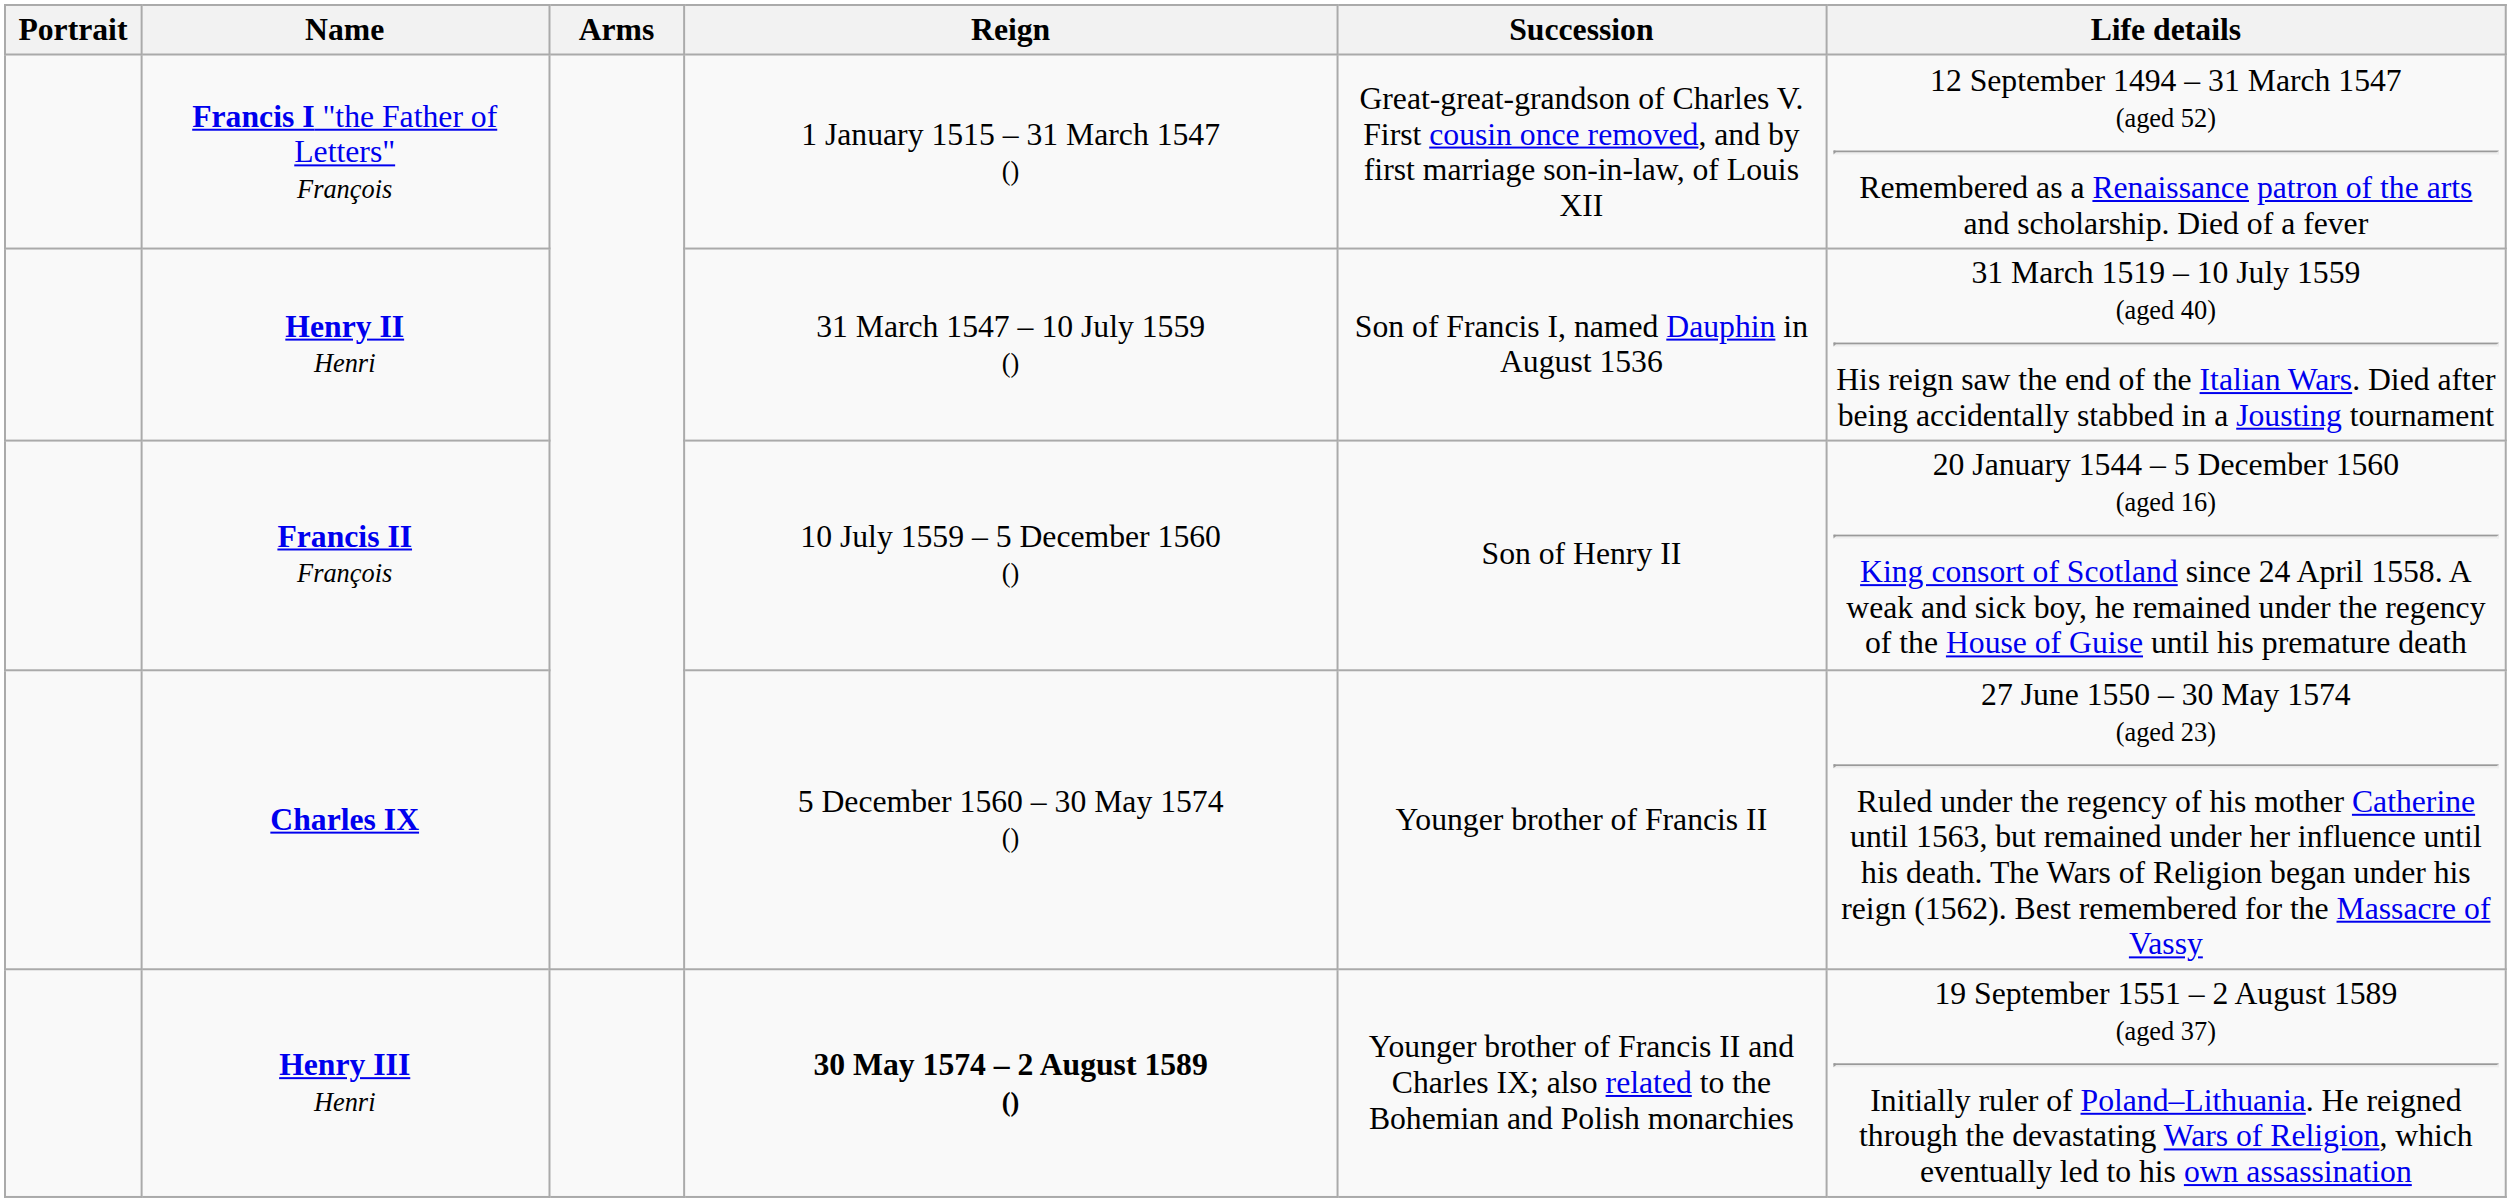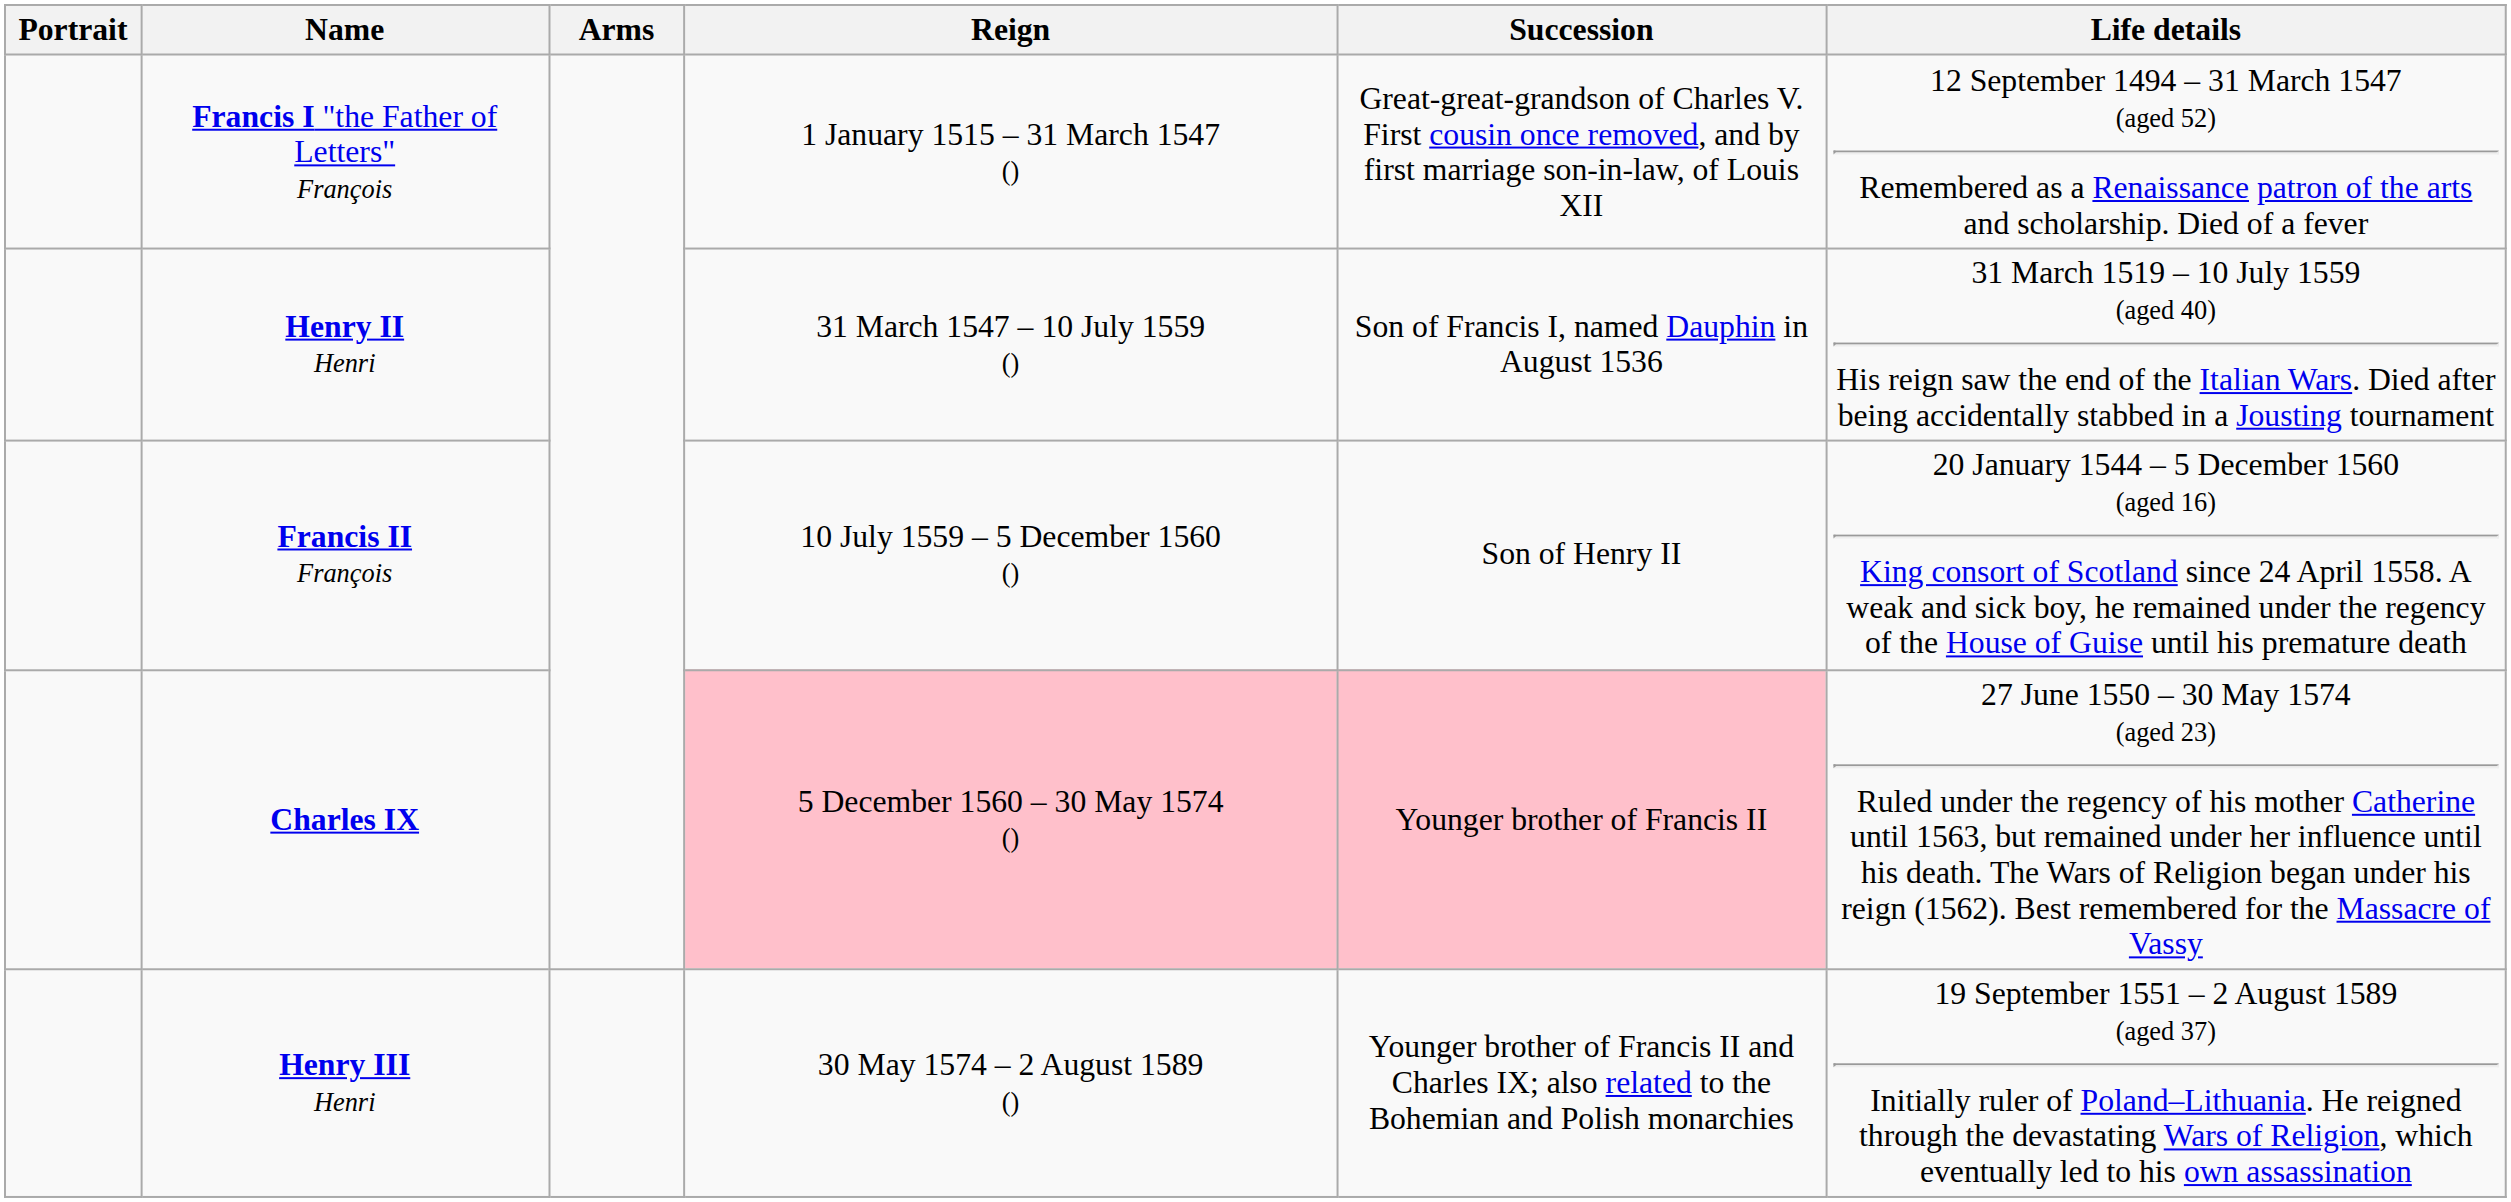 <table class="wikitable" style="text-align:center; width:100%;">
 <tr>
 <th width="5%">Portrait</th>
 <th width="15%">Name</th>
 <th width="5%">Arms</th>
 <th width="24%">Reign</th>
 <th width="18%">Succession</th>
 <th width="25%">Life details</th>
 </tr>
 <tr>
 <td></td>
 <td><a href='#'><strong>Francis I</strong> "the Father of Letters"</a> <br><small><em>François</em></small></td>
 <td rowspan="4"></td>
 <td>1 January 1515 – 31 March 1547<br><small>()</small></td>
 <td>Great-great-grandson of Charles V. First <a href='#'>cousin once removed</a>, and by first marriage son-in-law, of Louis XII</td>
 <td>12 September 1494 – 31 March 1547<br><small>(aged 52)</small><hr>Remembered as a <a href='#'>Renaissance</a> <a href='#'>patron of the arts</a> and scholarship. Died of a fever</td>
 </tr>
 <tr>
 <td></td>
 <td><a href='#'><strong>Henry II</strong></a> <br><small><em>Henri</em></small></td>
 <td>31 March 1547 – 10 July 1559<br><small>()</small></td>
 <td>Son of Francis I, named <a href='#'>Dauphin</a> in August 1536</td>
 <td>31 March 1519 – 10 July 1559<br><small>(aged 40)</small><hr>His reign saw the end of the <a href='#'>Italian Wars</a>. Died after being accidentally stabbed in a <a href='#'>Jousting</a> tournament</td>
 </tr>
 <tr>
 <td></td>
 <td><a href='#'><strong>Francis II</strong></a> <br><small><em>François</em></small></td>
 <td>10 July 1559 – 5 December 1560<br><small>()</small></td>
 <td>Son of Henry II</td>
 <td>20 January 1544 – 5 December 1560<br><small>(aged 16)</small><hr><a href='#'>King consort of Scotland</a> since 24 April 1558. A weak and sick boy, he remained under the regency of the <a href='#'>House of Guise</a> until his premature death</td>
 </tr>
 <tr>
 <td></td>
 <td><a href='#'><strong>Charles IX</strong></a></td>
-<td>5 December 1560 – 30 May 1574<br><small>()</small></td>
-<td>Younger brother of Francis II</td>
+<td style="background: pink;">5 December 1560 – 30 May 1574<br><small>()</small></td>
+<td style="background: pink;">Younger brother of Francis II</td>
 <td>27 June 1550 – 30 May 1574<br><small>(aged 23)</small><hr>Ruled under the regency of his mother <a href='#'>Catherine</a> until 1563, but remained under her influence until his death. The Wars of Religion began under his reign (1562). Best remembered for the <a href='#'>Massacre of Vassy</a></td>
 </tr>
 <tr>
 <td></td>
 <td><a href='#'><strong>Henry III</strong></a><br><small><em>Henri</em></small></td>
 <td></td>
-<td><strong>30 May 1574 – 2 August 1589<br><small>()</small></strong></td>
+<td>30 May 1574 – 2 August 1589<br><small>()</small></td>
 <td>Younger brother of Francis II and Charles IX; also <a href='#'>related</a> to the Bohemian and Polish monarchies</td>
 <td>19 September 1551 – 2 August 1589<br><small>(aged 37)</small><hr>Initially ruler of <a href='#'>Poland–Lithuania</a>. He reigned through the devastating <a href='#'>Wars of Religion</a>, which eventually led to his <a href='#'>own assassination</a></td>
 </tr>
 </table>
